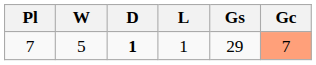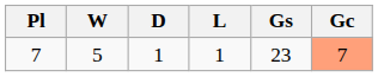 <table class="wikitable" style="text-align:center">
 <tr>
 <th width=40px>Pl</th>
 <th width=40px>W</th>
 <th width=40px>D</th>
 <th width=40px>L</th>
 <th width=40px>Gs</th>
 <th width=40px>Gc</th>
 </tr>
 <tr>
 <td>7</td>
 <td>5</td>
-<td><strong>1</strong></td>
 <td>1</td>
-<td>29</td>
+<td>1</td>
+<td>23</td>
 <td style="background: lightsalmon;">7</td>
 </tr>
 </table>
